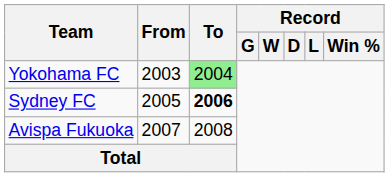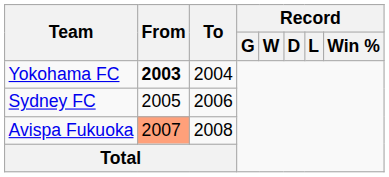 <table class="wikitable" style="text-align: center">
 <tr>
 <th rowspan="2">Team</th>
 <th rowspan="2">From</th>
 <th rowspan="2">To</th>
 <th colspan="5">Record</th>
 </tr>
 <tr>
 <th>G</th>
 <th>W</th>
 <th>D</th>
 <th>L</th>
 <th>Win %</th>
 </tr>
 <tr>
 <td align="left"><a href='#'>Yokohama FC</a></td>
-<td align="left">2003</td>
-<td align="left" style="background: lightgreen;">2004<br></td>
+<td align="left"><strong>2003</strong></td>
+<td align="left">2004<br></td>
 </tr>
 <tr>
 <td align="left"><a href='#'>Sydney FC</a></td>
 <td align="left">2005</td>
-<td align="left"><strong>2006<br></strong></td>
+<td align="left">2006<br></td>
 </tr>
 <tr>
 <td align="left"><a href='#'>Avispa Fukuoka</a></td>
-<td align="left">2007</td>
+<td align="left" style="background: lightsalmon;">2007</td>
 <td align="left">2008<br></td>
 </tr>
 <tr>
 <th colspan="3">Total<br></th>
 </tr>
 </table>
